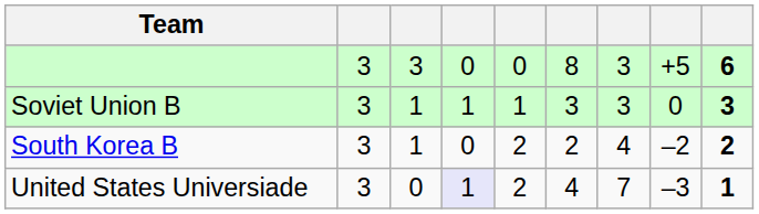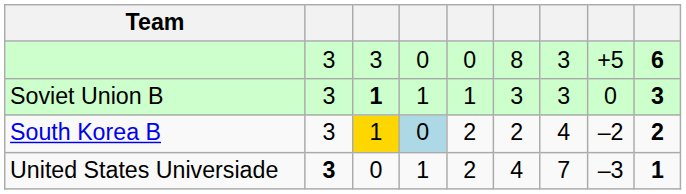 <table class="wikitable" style="text-align:center;">
 <tr>
 <th width=200>Team</th>
 <th width=25></th>
 <th width=25></th>
 <th width=25></th>
 <th width=25></th>
 <th width=25></th>
 <th width=25></th>
 <th width=25></th>
 <th width=25></th>
 </tr>
 <tr bgcolor="#ccffcc">
 <td align="left"></td>
 <td>3</td>
 <td>3</td>
 <td>0</td>
 <td>0</td>
 <td>8</td>
 <td>3</td>
 <td>+5</td>
 <td><strong>6</strong></td>
 </tr>
 <tr bgcolor="#ccffcc">
 <td align="left"> Soviet Union B</td>
 <td>3</td>
-<td>1</td>
+<td><strong>1</strong></td>
 <td>1</td>
 <td>1</td>
 <td>3</td>
 <td>3</td>
 <td>0</td>
 <td><strong>3</strong></td>
 </tr>
 <tr>
 <td align="left"> <a href='#'>South Korea B</a></td>
 <td>3</td>
-<td>1</td>
-<td>0</td>
+<td style="background: gold;">1</td>
+<td style="background: lightblue;">0</td>
 <td>2</td>
 <td>2</td>
 <td>4</td>
 <td>–2</td>
 <td><strong>2</strong></td>
 </tr>
 <tr>
 <td align="left"> United States Universiade</td>
-<td>3</td>
+<td><strong>3</strong></td>
 <td>0</td>
-<td style="background: lavender;">1</td>
+<td>1</td>
 <td>2</td>
 <td>4</td>
 <td>7</td>
 <td>–3</td>
 <td><strong>1</strong></td>
 </tr>
 </table>
